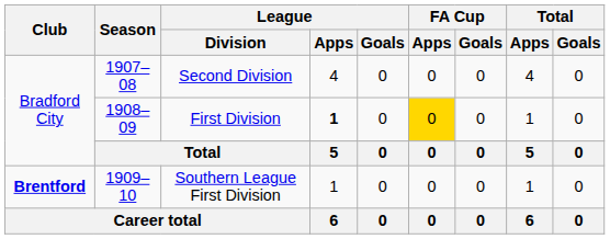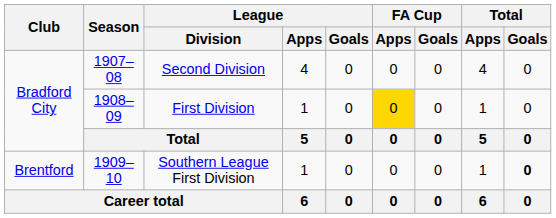 <table class="wikitable" style="text-align: center;">
 <tr>
 <th rowspan="2">Club</th>
 <th rowspan="2">Season</th>
 <th colspan="3">League</th>
 <th colspan="2">FA Cup</th>
 <th colspan="2">Total</th>
 </tr>
 <tr>
 <th>Division</th>
 <th>Apps</th>
 <th>Goals</th>
 <th>Apps</th>
 <th>Goals</th>
 <th>Apps</th>
 <th>Goals</th>
 </tr>
 <tr>
 <td rowspan="3"><a href='#'>Bradford City</a></td>
 <td><a href='#'>1907–08</a></td>
 <td><a href='#'>Second Division</a></td>
 <td>4</td>
 <td>0</td>
 <td>0</td>
 <td>0</td>
 <td>4</td>
 <td>0</td>
 </tr>
 <tr>
 <td><a href='#'>1908–09</a></td>
 <td><a href='#'>First Division</a></td>
-<td><strong>1</strong></td>
+<td>1</td>
 <td>0</td>
 <td style="background: gold;">0</td>
 <td>0</td>
 <td>1</td>
 <td>0</td>
 </tr>
 <tr>
 <th colspan="2">Total</th>
 <th>5</th>
 <th>0</th>
 <th>0</th>
 <th>0</th>
 <th>5</th>
 <th>0</th>
 </tr>
 <tr>
-<td><strong><a href='#'>Brentford</a></strong></td>
+<td><a href='#'>Brentford</a></td>
 <td><a href='#'>1909–10</a></td>
 <td><a href='#'>Southern League</a> First Division</td>
 <td>1</td>
 <td>0</td>
 <td>0</td>
 <td>0</td>
 <td>1</td>
-<td>0</td>
+<td><strong>0</strong></td>
 </tr>
 <tr>
 <th colspan="3">Career total</th>
 <th>6</th>
 <th>0</th>
 <th>0</th>
 <th>0</th>
 <th>6</th>
 <th>0</th>
 </tr>
 </table>
